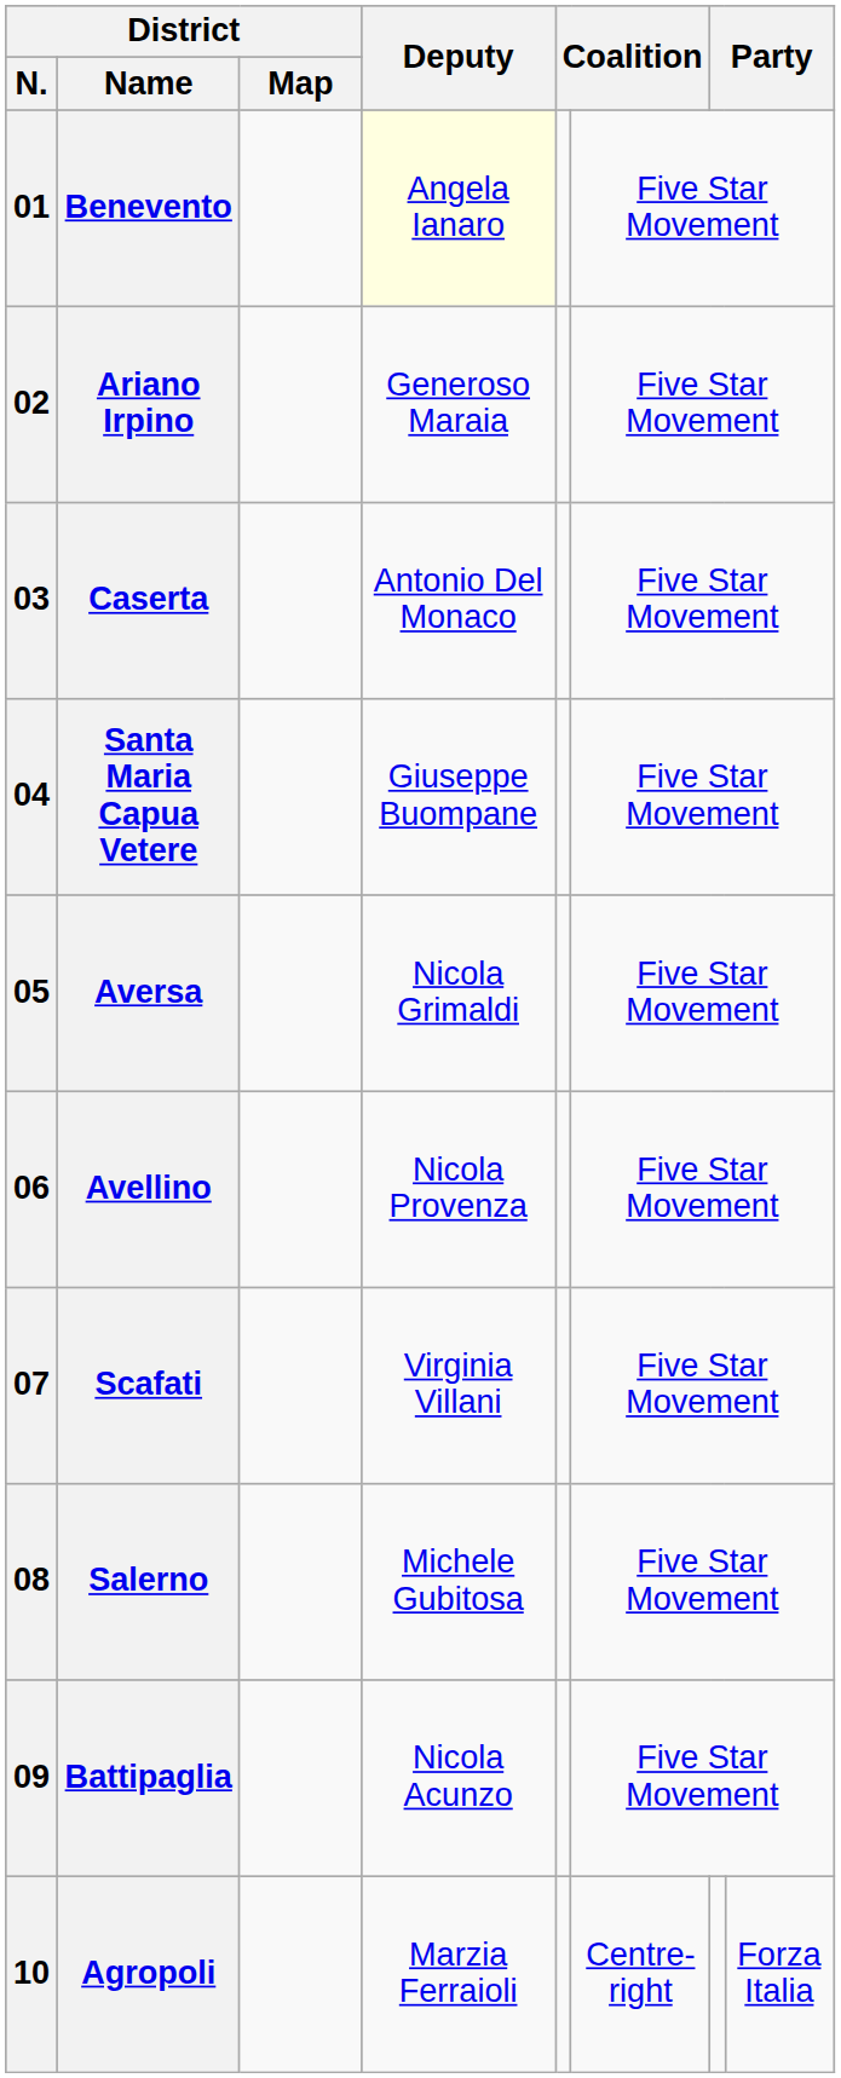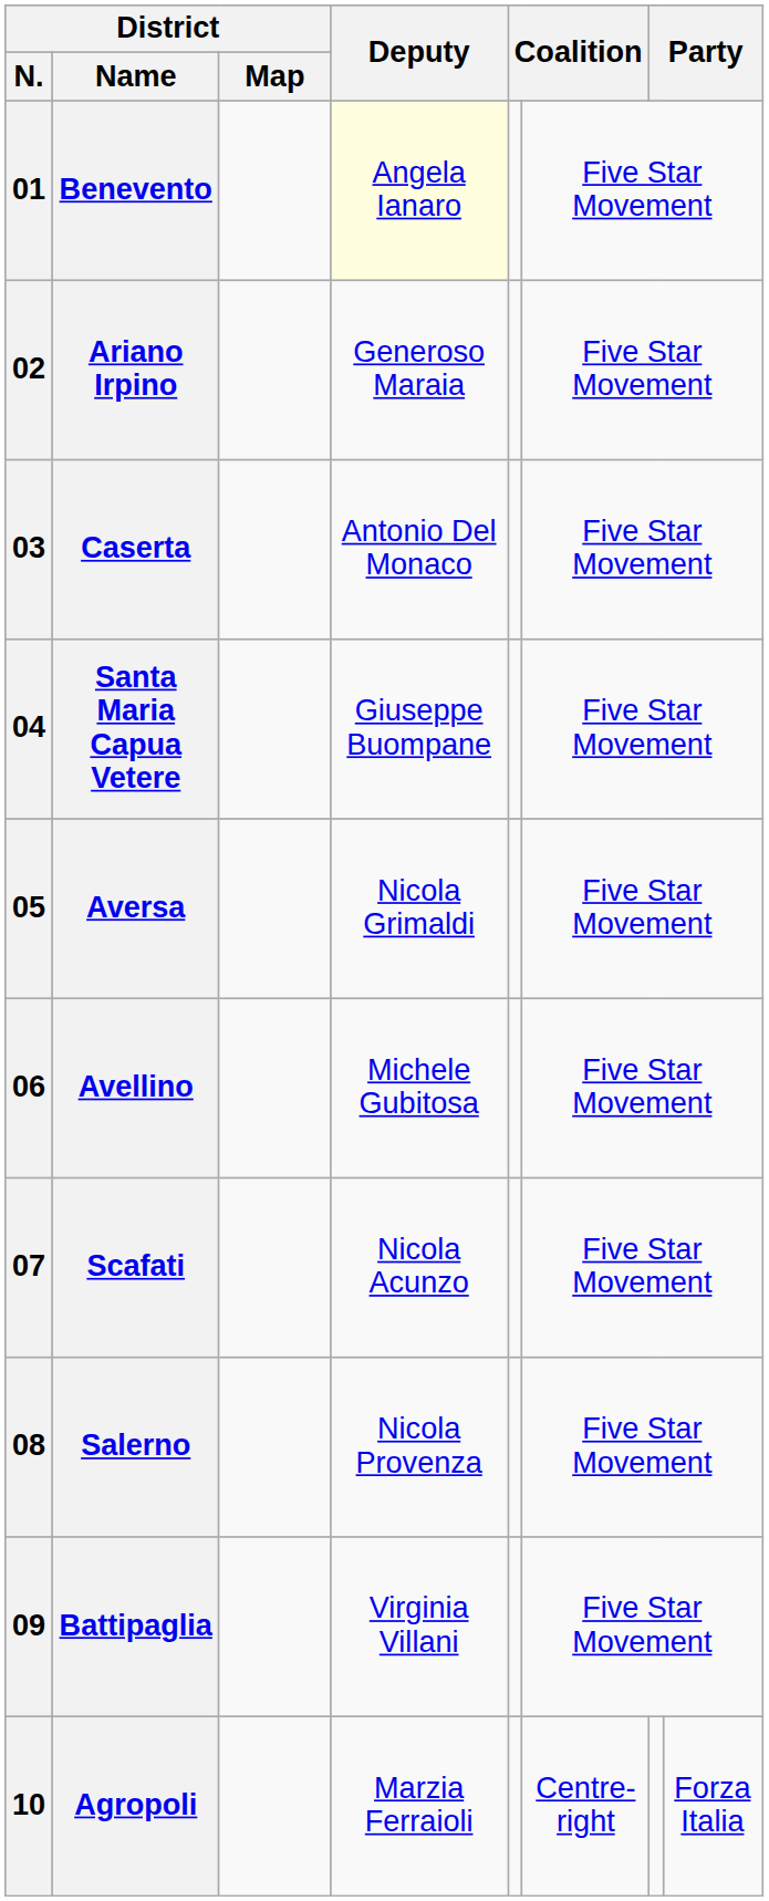 <table class="wikitable" style="text-align:center; style="width=65%">
 <tr>
 <th width=35% colspan="3">District</th>
 <th width=25% rowspan="2">Deputy</th>
 <th width=15% colspan="2" rowspan="2">Coalition</th>
 <th width=15% colspan="2" rowspan="2">Party</th>
 </tr>
 <tr>
 <th width=1%>N.</th>
 <th width=18%>Name</th>
 <th width=18%>Map</th>
 </tr>
 <tr style="height:6em;">
 <th>01</th>
 <th><a href='#'>Benevento</a></th>
 <td></td>
 <td style="background: lightyellow;"><a href='#'>Angela Ianaro</a></td>
 <td style="background:"></td>
 <td colspan=3><a href='#'>Five Star Movement</a></td>
 </tr>
 <tr style="height:6em;">
 <th>02</th>
 <th><a href='#'>Ariano Irpino</a></th>
 <td></td>
 <td><a href='#'>Generoso Maraia</a></td>
 <td style="background:"></td>
 <td colspan=3><a href='#'>Five Star Movement</a></td>
 </tr>
 <tr style="height:6em;">
 <th>03</th>
 <th><a href='#'>Caserta</a></th>
 <td></td>
 <td><a href='#'>Antonio Del Monaco</a></td>
 <td style="background:"></td>
 <td colspan=3><a href='#'>Five Star Movement</a></td>
 </tr>
 <tr style="height:6em;">
 <th>04</th>
 <th><a href='#'>Santa Maria Capua Vetere</a></th>
 <td></td>
 <td><a href='#'>Giuseppe Buompane</a></td>
 <td style="background:"></td>
 <td colspan=3><a href='#'>Five Star Movement</a></td>
 </tr>
 <tr style="height:6em;">
 <th>05</th>
 <th><a href='#'>Aversa</a></th>
 <td></td>
 <td><a href='#'>Nicola Grimaldi</a></td>
 <td style="background:"></td>
 <td colspan=3><a href='#'>Five Star Movement</a></td>
 </tr>
 <tr style="height:6em;">
 <th>06</th>
 <th><a href='#'>Avellino</a></th>
 <td></td>
-<td><a href='#'>Nicola Provenza</a></td>
+<td><a href='#'>Michele Gubitosa</a></td>
 <td style="background:"></td>
 <td colspan=3><a href='#'>Five Star Movement</a></td>
 </tr>
 <tr style="height:6em;">
 <th>07</th>
 <th><a href='#'>Scafati</a></th>
 <td></td>
-<td><a href='#'>Virginia Villani</a></td>
+<td><a href='#'>Nicola Acunzo</a></td>
 <td style="background:"></td>
 <td colspan=3><a href='#'>Five Star Movement</a></td>
 </tr>
 <tr style="height:6em;">
 <th>08</th>
 <th><a href='#'>Salerno</a></th>
 <td></td>
-<td><a href='#'>Michele Gubitosa</a></td>
+<td><a href='#'>Nicola Provenza</a></td>
 <td style="background:"></td>
 <td colspan=3><a href='#'>Five Star Movement</a></td>
 </tr>
 <tr style="height:6em;">
 <th>09</th>
 <th><a href='#'>Battipaglia</a></th>
 <td></td>
-<td><a href='#'>Nicola Acunzo</a></td>
+<td><a href='#'>Virginia Villani</a></td>
 <td style="background:"></td>
 <td colspan=3><a href='#'>Five Star Movement</a></td>
 </tr>
 <tr style="height:6em;">
 <th>10</th>
 <th><a href='#'>Agropoli</a></th>
 <td></td>
 <td><a href='#'>Marzia Ferraioli</a></td>
 <td style="background:"></td>
 <td><a href='#'>Centre-right</a></td>
 <td style="background:"></td>
 <td><a href='#'>Forza Italia</a></td>
 </tr>
 </table>
